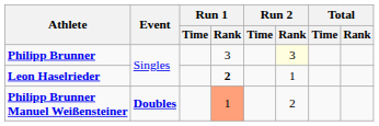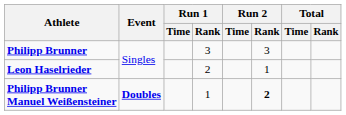 <table class="wikitable" style="font-size:90%">
 <tr>
 <th rowspan="2">Athlete</th>
 <th rowspan="2">Event</th>
 <th colspan="2">Run 1</th>
 <th colspan="2">Run 2</th>
 <th colspan="2">Total</th>
 </tr>
 <tr style="font-size:95%">
 <th>Time</th>
 <th>Rank</th>
 <th>Time</th>
 <th>Rank</th>
 <th>Time</th>
 <th>Rank</th>
 </tr>
 <tr align=center>
 <td align=left><strong><a href='#'>Philipp Brunner</a></strong></td>
 <td align=left rowspan=2><a href='#'>Singles</a></td>
 <td></td>
 <td>3</td>
 <td></td>
-<td style="background: lightyellow;">3</td>
+<td>3</td>
 <td></td>
 <td></td>
 </tr>
 <tr align=center>
 <td align=left><strong><a href='#'>Leon Haselrieder</a></strong></td>
 <td></td>
-<td><strong>2</strong></td>
+<td>2</td>
 <td></td>
 <td>1</td>
 <td></td>
 <td></td>
 </tr>
 <tr align=center>
 <td align=left><strong><a href='#'>Philipp Brunner</a><br><a href='#'>Manuel Weißensteiner</a></strong></td>
 <td align=left><strong><a href='#'>Doubles</a></strong></td>
 <td></td>
-<td style="background: lightsalmon;">1</td>
+<td>1</td>
 <td></td>
-<td>2</td>
+<td><strong>2</strong></td>
 <td></td>
 <td></td>
 </tr>
 </table>
